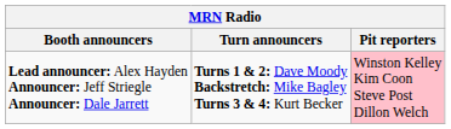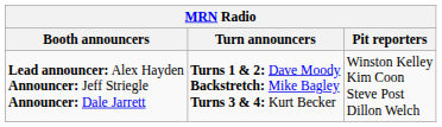 <table class="wikitable" style="font-size: 95%">
 <tr>
 <th colspan="3"><a href='#'>MRN</a> Radio</th>
 </tr>
 <tr>
 <th>Booth announcers</th>
 <th>Turn announcers</th>
 <th>Pit reporters</th>
 </tr>
 <tr>
 <td><strong>Lead announcer:</strong> Alex Hayden<br><strong>Announcer:</strong> Jeff Striegle<br><strong>Announcer:</strong> <a href='#'>Dale Jarrett</a></td>
 <td><strong>Turns 1 & 2:</strong> <a href='#'>Dave Moody</a><br><strong>Backstretch:</strong> <a href='#'>Mike Bagley</a><br><strong>Turns 3 & 4:</strong> Kurt Becker</td>
-<td style="background: pink;">Winston Kelley<br>Kim Coon<br>Steve Post<br>Dillon Welch</td>
+<td>Winston Kelley<br>Kim Coon<br>Steve Post<br>Dillon Welch</td>
 </tr>
 </table>
